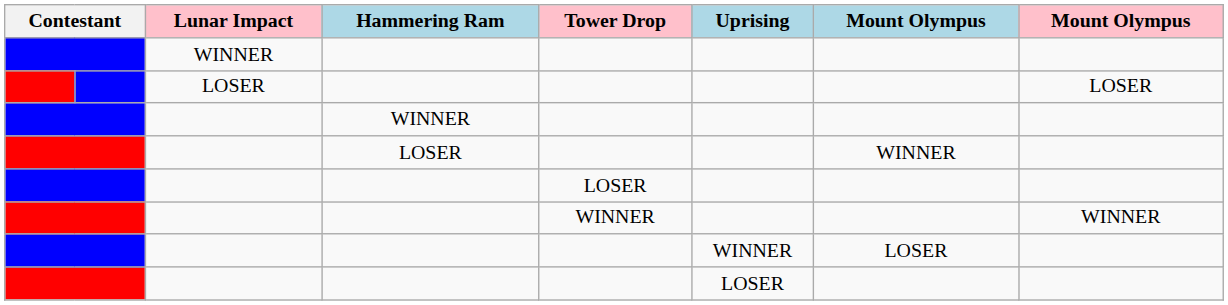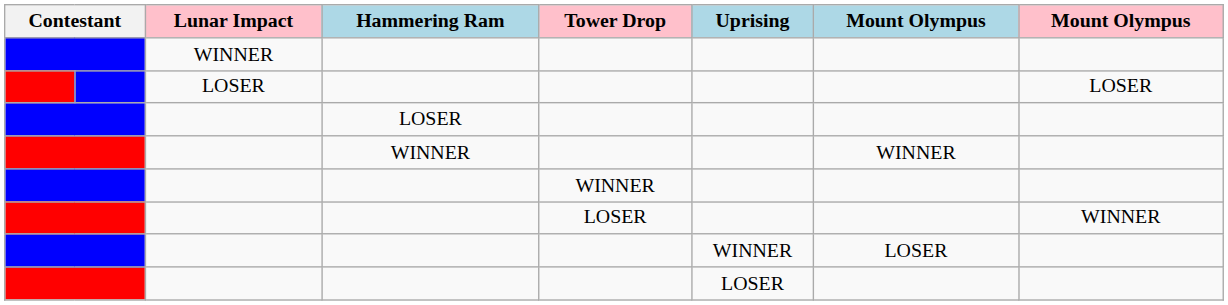 <table class="wikitable" style="text-align:center; font-size:90%; width:100%">
 <tr>
 <th colspan="2">Contestant</th>
 <th style="background:pink;">Lunar Impact</th>
 <th style="background:lightblue;">Hammering Ram</th>
 <th style="background:pink;">Tower Drop</th>
 <th style="background:lightblue;">Uprising</th>
 <th style="background:lightblue;">Mount Olympus</th>
 <th style="background:pink;">Mount Olympus</th>
 </tr>
 <tr>
 <td style="background:blue;" colspan="2"></td>
 <td>WINNER</td>
 <td></td>
 <td></td>
 <td></td>
 <td></td>
 <td></td>
 </tr>
 <tr>
 <td style="background:red;"></td>
 <td style="background:blue;"></td>
 <td>LOSER</td>
 <td></td>
 <td></td>
 <td></td>
 <td></td>
 <td>LOSER</td>
 </tr>
 <tr>
 <td style="background:blue;" colspan="2"></td>
 <td></td>
-<td>WINNER</td>
+<td>LOSER</td>
 <td></td>
 <td></td>
 <td></td>
 <td></td>
 </tr>
 <tr>
 <td style="background:red;" colspan="2"></td>
 <td></td>
-<td>LOSER</td>
+<td>WINNER</td>
 <td></td>
 <td></td>
 <td>WINNER</td>
 <td></td>
 </tr>
 <tr>
 <td style="background:blue;" colspan="2"></td>
 <td></td>
 <td></td>
-<td>LOSER</td>
+<td>WINNER</td>
 <td></td>
 <td></td>
 <td></td>
 </tr>
 <tr>
 <td style="background:red;" colspan="2"></td>
 <td></td>
 <td></td>
-<td>WINNER</td>
+<td>LOSER</td>
 <td></td>
 <td></td>
 <td>WINNER</td>
 </tr>
 <tr>
 <td style="background:blue;" colspan="2"></td>
 <td></td>
 <td></td>
 <td></td>
 <td>WINNER</td>
 <td>LOSER</td>
 <td></td>
 </tr>
 <tr>
 <td style="background:red;" colspan="2"></td>
 <td></td>
 <td></td>
 <td></td>
 <td>LOSER</td>
 <td></td>
 <td></td>
 </tr>
 </table>
